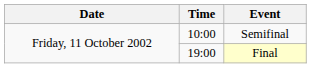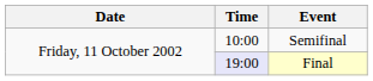 <table class = "wikitable" style="text-align:center;">
 <tr>
 <th width=220>Date</th>
 <th width=50>Time</th>
 <th width=100>Event</th>
 </tr>
 <tr>
 <td rowspan=2>Friday, 11 October 2002</td>
 <td>10:00</td>
 <td>Semifinal</td>
 </tr>
 <tr>
-<td>19:00</td>
+<td style="background: lavender;">19:00</td>
 <td bgcolor=ffffcc>Final</td>
 </tr>
 </table>
